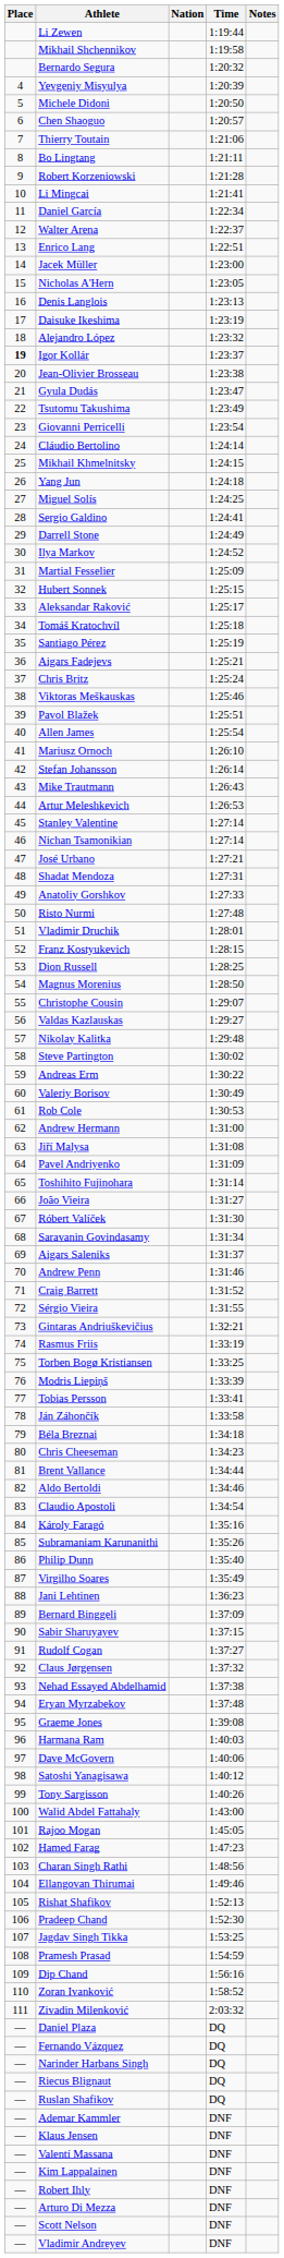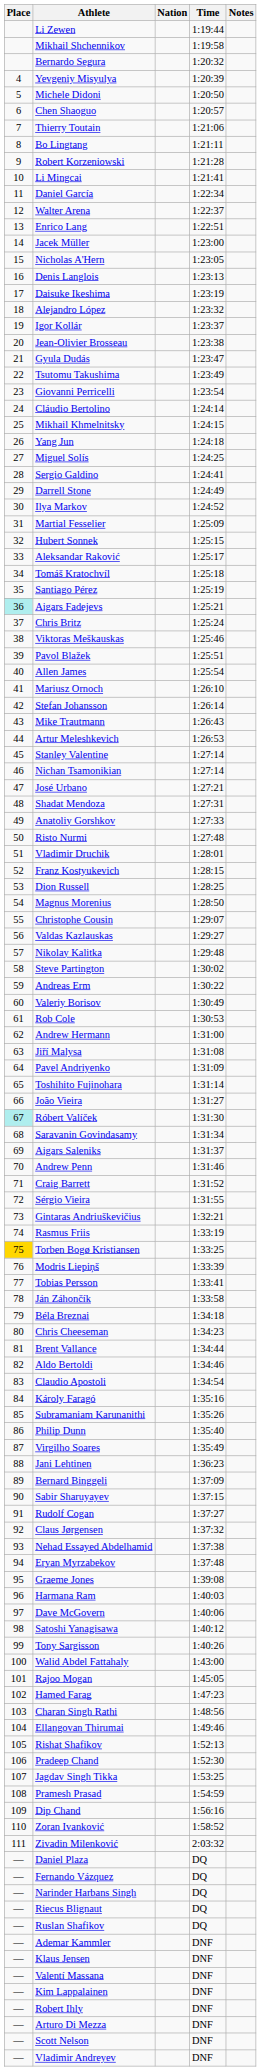 <table class=wikitable>
 <tr>
 <th>Place</th>
 <th>Athlete</th>
 <th>Nation</th>
 <th>Time</th>
 <th>Notes</th>
 </tr>
 <tr>
 <td align=center></td>
 <td><a href='#'>Li Zewen</a></td>
 <td></td>
 <td>1:19:44</td>
 <td> </td>
 </tr>
 <tr>
 <td align=center></td>
 <td><a href='#'>Mikhail Shchennikov</a></td>
 <td></td>
 <td>1:19:58</td>
 <td> </td>
 </tr>
 <tr>
 <td align=center></td>
 <td><a href='#'>Bernardo Segura</a></td>
 <td></td>
 <td>1:20:32</td>
 <td> </td>
 </tr>
 <tr>
 <td align=center>4</td>
 <td><a href='#'>Yevgeniy Misyulya</a></td>
 <td></td>
 <td>1:20:39</td>
 <td> </td>
 </tr>
 <tr>
 <td align=center>5</td>
 <td><a href='#'>Michele Didoni</a></td>
 <td></td>
 <td>1:20:50</td>
 <td> </td>
 </tr>
 <tr>
 <td align=center>6</td>
 <td><a href='#'>Chen Shaoguo</a></td>
 <td></td>
 <td>1:20:57</td>
 <td> </td>
 </tr>
 <tr>
 <td align=center>7</td>
 <td><a href='#'>Thierry Toutain</a></td>
 <td></td>
 <td>1:21:06</td>
 <td> </td>
 </tr>
 <tr>
 <td align=center>8</td>
 <td><a href='#'>Bo Lingtang</a></td>
 <td></td>
 <td>1:21:11</td>
 <td> </td>
 </tr>
 <tr>
 <td align=center>9</td>
 <td><a href='#'>Robert Korzeniowski</a></td>
 <td></td>
 <td>1:21:28</td>
 <td> </td>
 </tr>
 <tr>
 <td align=center>10</td>
 <td><a href='#'>Li Mingcai</a></td>
 <td></td>
 <td>1:21:41</td>
 <td> </td>
 </tr>
 <tr>
 <td align=center>11</td>
 <td><a href='#'>Daniel García</a></td>
 <td></td>
 <td>1:22:34</td>
 <td> </td>
 </tr>
 <tr>
 <td align=center>12</td>
 <td><a href='#'>Walter Arena</a></td>
 <td></td>
 <td>1:22:37</td>
 <td> </td>
 </tr>
 <tr>
 <td align=center>13</td>
 <td><a href='#'>Enrico Lang</a></td>
 <td></td>
 <td>1:22:51</td>
 <td> </td>
 </tr>
 <tr>
 <td align=center>14</td>
 <td><a href='#'>Jacek Müller</a></td>
 <td></td>
 <td>1:23:00</td>
 <td> </td>
 </tr>
 <tr>
 <td align=center>15</td>
 <td><a href='#'>Nicholas A'Hern</a></td>
 <td></td>
 <td>1:23:05</td>
 <td> </td>
 </tr>
 <tr>
 <td align=center>16</td>
 <td><a href='#'>Denis Langlois</a></td>
 <td></td>
 <td>1:23:13</td>
 <td> </td>
 </tr>
 <tr>
 <td align=center>17</td>
 <td><a href='#'>Daisuke Ikeshima</a></td>
 <td></td>
 <td>1:23:19</td>
 <td> </td>
 </tr>
 <tr>
 <td align=center>18</td>
 <td><a href='#'>Alejandro López</a></td>
 <td></td>
 <td>1:23:32</td>
 <td> </td>
 </tr>
 <tr>
-<td align=center><strong>19</strong></td>
+<td align=center>19</td>
 <td><a href='#'>Igor Kollár</a></td>
 <td></td>
 <td>1:23:37</td>
 <td> </td>
 </tr>
 <tr>
 <td align=center>20</td>
 <td><a href='#'>Jean-Olivier Brosseau</a></td>
 <td></td>
 <td>1:23:38</td>
 <td> </td>
 </tr>
 <tr>
 <td align=center>21</td>
 <td><a href='#'>Gyula Dudás</a></td>
 <td></td>
 <td>1:23:47</td>
 <td></td>
 </tr>
 <tr>
 <td align=center>22</td>
 <td><a href='#'>Tsutomu Takushima</a></td>
 <td></td>
 <td>1:23:49</td>
 <td></td>
 </tr>
 <tr>
 <td align=center>23</td>
 <td><a href='#'>Giovanni Perricelli</a></td>
 <td></td>
 <td>1:23:54</td>
 <td></td>
 </tr>
 <tr>
 <td align=center>24</td>
 <td><a href='#'>Cláudio Bertolino</a></td>
 <td></td>
 <td>1:24:14</td>
 <td></td>
 </tr>
 <tr>
 <td align=center>25</td>
 <td><a href='#'>Mikhail Khmelnitsky</a></td>
 <td></td>
 <td>1:24:15</td>
 <td></td>
 </tr>
 <tr>
 <td align=center>26</td>
 <td><a href='#'>Yang Jun</a></td>
 <td></td>
 <td>1:24:18</td>
 <td></td>
 </tr>
 <tr>
 <td align=center>27</td>
 <td><a href='#'>Miguel Solís</a></td>
 <td></td>
 <td>1:24:25</td>
 <td></td>
 </tr>
 <tr>
 <td align=center>28</td>
 <td><a href='#'>Sergio Galdino</a></td>
 <td></td>
 <td>1:24:41</td>
 <td></td>
 </tr>
 <tr>
 <td align=center>29</td>
 <td><a href='#'>Darrell Stone</a></td>
 <td></td>
 <td>1:24:49</td>
 <td></td>
 </tr>
 <tr>
 <td align=center>30</td>
 <td><a href='#'>Ilya Markov</a></td>
 <td></td>
 <td>1:24:52</td>
 <td></td>
 </tr>
 <tr>
 <td align=center>31</td>
 <td><a href='#'>Martial Fesselier</a></td>
 <td></td>
 <td>1:25:09</td>
 <td></td>
 </tr>
 <tr>
 <td align=center>32</td>
 <td><a href='#'>Hubert Sonnek</a></td>
 <td></td>
 <td>1:25:15</td>
 <td></td>
 </tr>
 <tr>
 <td align=center>33</td>
 <td><a href='#'>Aleksandar Raković</a></td>
 <td></td>
 <td>1:25:17</td>
 <td></td>
 </tr>
 <tr>
 <td align=center>34</td>
 <td><a href='#'>Tomáš Kratochvíl</a></td>
 <td></td>
 <td>1:25:18</td>
 <td></td>
 </tr>
 <tr>
 <td align=center>35</td>
 <td><a href='#'>Santiago Pérez</a></td>
 <td></td>
 <td>1:25:19</td>
 <td></td>
 </tr>
 <tr>
-<td align=center>36</td>
+<td align=center style="background: paleturquoise;">36</td>
 <td><a href='#'>Aigars Fadejevs</a></td>
 <td></td>
 <td>1:25:21</td>
 <td></td>
 </tr>
 <tr>
 <td align=center>37</td>
 <td><a href='#'>Chris Britz</a></td>
 <td></td>
 <td>1:25:24</td>
 <td></td>
 </tr>
 <tr>
 <td align=center>38</td>
 <td><a href='#'>Viktoras Meškauskas</a></td>
 <td></td>
 <td>1:25:46</td>
 <td></td>
 </tr>
 <tr>
 <td align=center>39</td>
 <td><a href='#'>Pavol Blažek</a></td>
 <td></td>
 <td>1:25:51</td>
 <td></td>
 </tr>
 <tr>
 <td align=center>40</td>
 <td><a href='#'>Allen James</a></td>
 <td></td>
 <td>1:25:54</td>
 <td></td>
 </tr>
 <tr>
 <td align=center>41</td>
 <td><a href='#'>Mariusz Ornoch</a></td>
 <td></td>
 <td>1:26:10</td>
 <td></td>
 </tr>
 <tr>
 <td align=center>42</td>
 <td><a href='#'>Stefan Johansson</a></td>
 <td></td>
 <td>1:26:14</td>
 <td></td>
 </tr>
 <tr>
 <td align=center>43</td>
 <td><a href='#'>Mike Trautmann</a></td>
 <td></td>
 <td>1:26:43</td>
 <td></td>
 </tr>
 <tr>
 <td align=center>44</td>
 <td><a href='#'>Artur Meleshkevich</a></td>
 <td></td>
 <td>1:26:53</td>
 <td></td>
 </tr>
 <tr>
 <td align=center>45</td>
 <td><a href='#'>Stanley Valentine</a></td>
 <td></td>
 <td>1:27:14</td>
 <td></td>
 </tr>
 <tr>
 <td align=center>46</td>
 <td><a href='#'>Nichan Tsamonikian</a></td>
 <td></td>
 <td>1:27:14</td>
 <td></td>
 </tr>
 <tr>
 <td align=center>47</td>
 <td><a href='#'>José Urbano</a></td>
 <td></td>
 <td>1:27:21</td>
 <td></td>
 </tr>
 <tr>
 <td align=center>48</td>
 <td><a href='#'>Shadat Mendoza</a></td>
 <td></td>
 <td>1:27:31</td>
 <td></td>
 </tr>
 <tr>
 <td align=center>49</td>
 <td><a href='#'>Anatoliy Gorshkov</a></td>
 <td></td>
 <td>1:27:33</td>
 <td></td>
 </tr>
 <tr>
 <td align=center>50</td>
 <td><a href='#'>Risto Nurmi</a></td>
 <td></td>
 <td>1:27:48</td>
 <td></td>
 </tr>
 <tr>
 <td align=center>51</td>
 <td><a href='#'>Vladimir Druchik</a></td>
 <td></td>
 <td>1:28:01</td>
 <td></td>
 </tr>
 <tr>
 <td align=center>52</td>
 <td><a href='#'>Franz Kostyukevich</a></td>
 <td></td>
 <td>1:28:15</td>
 <td></td>
 </tr>
 <tr>
 <td align=center>53</td>
 <td><a href='#'>Dion Russell</a></td>
 <td></td>
 <td>1:28:25</td>
 <td></td>
 </tr>
 <tr>
 <td align=center>54</td>
 <td><a href='#'>Magnus Morenius</a></td>
 <td></td>
 <td>1:28:50</td>
 <td></td>
 </tr>
 <tr>
 <td align=center>55</td>
 <td><a href='#'>Christophe Cousin</a></td>
 <td></td>
 <td>1:29:07</td>
 <td></td>
 </tr>
 <tr>
 <td align=center>56</td>
 <td><a href='#'>Valdas Kazlauskas</a></td>
 <td></td>
 <td>1:29:27</td>
 <td></td>
 </tr>
 <tr>
 <td align=center>57</td>
 <td><a href='#'>Nikolay Kalitka</a></td>
 <td></td>
 <td>1:29:48</td>
 <td></td>
 </tr>
 <tr>
 <td align=center>58</td>
 <td><a href='#'>Steve Partington</a></td>
 <td></td>
 <td>1:30:02</td>
 <td></td>
 </tr>
 <tr>
 <td align=center>59</td>
 <td><a href='#'>Andreas Erm</a></td>
 <td></td>
 <td>1:30:22</td>
 <td></td>
 </tr>
 <tr>
 <td align=center>60</td>
 <td><a href='#'>Valeriy Borisov</a></td>
 <td></td>
 <td>1:30:49</td>
 <td></td>
 </tr>
 <tr>
 <td align=center>61</td>
 <td><a href='#'>Rob Cole</a></td>
 <td></td>
 <td>1:30:53</td>
 <td></td>
 </tr>
 <tr>
 <td align=center>62</td>
 <td><a href='#'>Andrew Hermann</a></td>
 <td></td>
 <td>1:31:00</td>
 <td></td>
 </tr>
 <tr>
 <td align=center>63</td>
 <td><a href='#'>Jiří Malysa</a></td>
 <td></td>
 <td>1:31:08</td>
 <td></td>
 </tr>
 <tr>
 <td align=center>64</td>
 <td><a href='#'>Pavel Andriyenko</a></td>
 <td></td>
 <td>1:31:09</td>
 <td></td>
 </tr>
 <tr>
 <td align=center>65</td>
 <td><a href='#'>Toshihito Fujinohara</a></td>
 <td></td>
 <td>1:31:14</td>
 <td></td>
 </tr>
 <tr>
 <td align=center>66</td>
 <td><a href='#'>João Vieira</a></td>
 <td></td>
 <td>1:31:27</td>
 <td></td>
 </tr>
 <tr>
-<td align=center>67</td>
+<td align=center style="background: paleturquoise;">67</td>
 <td><a href='#'>Róbert Valíček</a></td>
 <td></td>
 <td>1:31:30</td>
 <td></td>
 </tr>
 <tr>
 <td align=center>68</td>
 <td><a href='#'>Saravanin Govindasamy</a></td>
 <td></td>
 <td>1:31:34</td>
 <td></td>
 </tr>
 <tr>
 <td align=center>69</td>
 <td><a href='#'>Aigars Saleniks</a></td>
 <td></td>
 <td>1:31:37</td>
 <td></td>
 </tr>
 <tr>
 <td align=center>70</td>
 <td><a href='#'>Andrew Penn</a></td>
 <td></td>
 <td>1:31:46</td>
 <td></td>
 </tr>
 <tr>
 <td align=center>71</td>
 <td><a href='#'>Craig Barrett</a></td>
 <td></td>
 <td>1:31:52</td>
 <td></td>
 </tr>
 <tr>
 <td align=center>72</td>
 <td><a href='#'>Sérgio Vieira</a></td>
 <td></td>
 <td>1:31:55</td>
 <td></td>
 </tr>
 <tr>
 <td align=center>73</td>
 <td><a href='#'>Gintaras Andriuškevičius</a></td>
 <td></td>
 <td>1:32:21</td>
 <td></td>
 </tr>
 <tr>
 <td align=center>74</td>
 <td><a href='#'>Rasmus Friis</a></td>
 <td></td>
 <td>1:33:19</td>
 <td></td>
 </tr>
 <tr>
-<td align=center>75</td>
+<td align=center style="background: gold;">75</td>
 <td><a href='#'>Torben Bogø Kristiansen</a></td>
 <td></td>
 <td>1:33:25</td>
 <td></td>
 </tr>
 <tr>
 <td align=center>76</td>
 <td><a href='#'>Modris Liepiņš</a></td>
 <td></td>
 <td>1:33:39</td>
 <td></td>
 </tr>
 <tr>
 <td align=center>77</td>
 <td><a href='#'>Tobias Persson</a></td>
 <td></td>
 <td>1:33:41</td>
 <td></td>
 </tr>
 <tr>
 <td align=center>78</td>
 <td><a href='#'>Ján Záhončík</a></td>
 <td></td>
 <td>1:33:58</td>
 <td></td>
 </tr>
 <tr>
 <td align=center>79</td>
 <td><a href='#'>Béla Breznai</a></td>
 <td></td>
 <td>1:34:18</td>
 <td></td>
 </tr>
 <tr>
 <td align=center>80</td>
 <td><a href='#'>Chris Cheeseman</a></td>
 <td></td>
 <td>1:34:23</td>
 <td></td>
 </tr>
 <tr>
 <td align=center>81</td>
 <td><a href='#'>Brent Vallance</a></td>
 <td></td>
 <td>1:34:44</td>
 <td></td>
 </tr>
 <tr>
 <td align=center>82</td>
 <td><a href='#'>Aldo Bertoldi</a></td>
 <td></td>
 <td>1:34:46</td>
 <td></td>
 </tr>
 <tr>
 <td align=center>83</td>
 <td><a href='#'>Claudio Apostoli</a></td>
 <td></td>
 <td>1:34:54</td>
 <td></td>
 </tr>
 <tr>
 <td align=center>84</td>
 <td><a href='#'>Károly Faragó</a></td>
 <td></td>
 <td>1:35:16</td>
 <td></td>
 </tr>
 <tr>
 <td align=center>85</td>
 <td><a href='#'>Subramaniam Karunanithi</a></td>
 <td></td>
 <td>1:35:26</td>
 <td></td>
 </tr>
 <tr>
 <td align=center>86</td>
 <td><a href='#'>Philip Dunn</a></td>
 <td></td>
 <td>1:35:40</td>
 <td></td>
 </tr>
 <tr>
 <td align=center>87</td>
 <td><a href='#'>Virgilho Soares</a></td>
 <td></td>
 <td>1:35:49</td>
 <td></td>
 </tr>
 <tr>
 <td align=center>88</td>
 <td><a href='#'>Jani Lehtinen</a></td>
 <td></td>
 <td>1:36:23</td>
 <td></td>
 </tr>
 <tr>
 <td align=center>89</td>
 <td><a href='#'>Bernard Binggeli</a></td>
 <td></td>
 <td>1:37:09</td>
 <td></td>
 </tr>
 <tr>
 <td align=center>90</td>
 <td><a href='#'>Sabir Sharuyayev</a></td>
 <td></td>
 <td>1:37:15</td>
 <td></td>
 </tr>
 <tr>
 <td align=center>91</td>
 <td><a href='#'>Rudolf Cogan</a></td>
 <td></td>
 <td>1:37:27</td>
 <td></td>
 </tr>
 <tr>
 <td align=center>92</td>
 <td><a href='#'>Claus Jørgensen</a></td>
 <td></td>
 <td>1:37:32</td>
 <td></td>
 </tr>
 <tr>
 <td align=center>93</td>
 <td><a href='#'>Nehad Essayed Abdelhamid</a></td>
 <td></td>
 <td>1:37:38</td>
 <td></td>
 </tr>
 <tr>
 <td align=center>94</td>
 <td><a href='#'>Eryan Myrzabekov</a></td>
 <td></td>
 <td>1:37:48</td>
 <td></td>
 </tr>
 <tr>
 <td align=center>95</td>
 <td><a href='#'>Graeme Jones</a></td>
 <td></td>
 <td>1:39:08</td>
 <td></td>
 </tr>
 <tr>
 <td align=center>96</td>
 <td><a href='#'>Harmana Ram</a></td>
 <td></td>
 <td>1:40:03</td>
 <td></td>
 </tr>
 <tr>
 <td align=center>97</td>
 <td><a href='#'>Dave McGovern</a></td>
 <td></td>
 <td>1:40:06</td>
 <td></td>
 </tr>
 <tr>
 <td align=center>98</td>
 <td><a href='#'>Satoshi Yanagisawa</a></td>
 <td></td>
 <td>1:40:12</td>
 <td></td>
 </tr>
 <tr>
 <td align=center>99</td>
 <td><a href='#'>Tony Sargisson</a></td>
 <td></td>
 <td>1:40:26</td>
 <td></td>
 </tr>
 <tr>
 <td align=center>100</td>
 <td><a href='#'>Walid Abdel Fattahaly</a></td>
 <td></td>
 <td>1:43:00</td>
 <td></td>
 </tr>
 <tr>
 <td align=center>101</td>
 <td><a href='#'>Rajoo Mogan</a></td>
 <td></td>
 <td>1:45:05</td>
 <td></td>
 </tr>
 <tr>
 <td align=center>102</td>
 <td><a href='#'>Hamed Farag</a></td>
 <td></td>
 <td>1:47:23</td>
 <td></td>
 </tr>
 <tr>
 <td align=center>103</td>
 <td><a href='#'>Charan Singh Rathi</a></td>
 <td></td>
 <td>1:48:56</td>
 <td></td>
 </tr>
 <tr>
 <td align=center>104</td>
 <td><a href='#'>Ellangovan Thirumai</a></td>
 <td></td>
 <td>1:49:46</td>
 <td></td>
 </tr>
 <tr>
 <td align=center>105</td>
 <td><a href='#'>Rishat Shafikov</a></td>
 <td></td>
 <td>1:52:13</td>
 <td></td>
 </tr>
 <tr>
 <td align=center>106</td>
 <td><a href='#'>Pradeep Chand</a></td>
 <td></td>
 <td>1:52:30</td>
 <td></td>
 </tr>
 <tr>
 <td align=center>107</td>
 <td><a href='#'>Jagdav Singh Tikka</a></td>
 <td></td>
 <td>1:53:25</td>
 <td></td>
 </tr>
 <tr>
 <td align=center>108</td>
 <td><a href='#'>Pramesh Prasad</a></td>
 <td></td>
 <td>1:54:59</td>
 <td></td>
 </tr>
 <tr>
 <td align=center>109</td>
 <td><a href='#'>Dip Chand</a></td>
 <td></td>
 <td>1:56:16</td>
 <td></td>
 </tr>
 <tr>
 <td align=center>110</td>
 <td><a href='#'>Zoran Ivanković</a></td>
 <td></td>
 <td>1:58:52</td>
 <td></td>
 </tr>
 <tr>
 <td align=center>111</td>
 <td><a href='#'>Zivadin Milenković</a></td>
 <td></td>
 <td>2:03:32</td>
 <td></td>
 </tr>
 <tr>
 <td align=center>—</td>
 <td><a href='#'>Daniel Plaza</a></td>
 <td></td>
 <td>DQ</td>
 <td></td>
 </tr>
 <tr>
 <td align=center>—</td>
 <td><a href='#'>Fernando Vázquez</a></td>
 <td></td>
 <td>DQ</td>
 <td></td>
 </tr>
 <tr>
 <td align=center>—</td>
 <td><a href='#'>Narinder Harbans Singh</a></td>
 <td></td>
 <td>DQ</td>
 <td></td>
 </tr>
 <tr>
 <td align=center>—</td>
 <td><a href='#'>Riecus Blignaut</a></td>
 <td></td>
 <td>DQ</td>
 <td></td>
 </tr>
 <tr>
 <td align=center>—</td>
 <td><a href='#'>Ruslan Shafikov</a></td>
 <td></td>
 <td>DQ</td>
 <td></td>
 </tr>
 <tr>
 <td align=center>—</td>
 <td><a href='#'>Ademar Kammler</a></td>
 <td></td>
 <td>DNF</td>
 <td></td>
 </tr>
 <tr>
 <td align=center>—</td>
 <td><a href='#'>Klaus Jensen</a></td>
 <td></td>
 <td>DNF</td>
 <td></td>
 </tr>
 <tr>
 <td align=center>—</td>
 <td><a href='#'>Valentí Massana</a></td>
 <td></td>
 <td>DNF</td>
 <td></td>
 </tr>
 <tr>
 <td align=center>—</td>
 <td><a href='#'>Kim Lappalainen</a></td>
 <td></td>
 <td>DNF</td>
 <td></td>
 </tr>
 <tr>
 <td align=center>—</td>
 <td><a href='#'>Robert Ihly</a></td>
 <td></td>
 <td>DNF</td>
 <td></td>
 </tr>
 <tr>
 <td align=center>—</td>
 <td><a href='#'>Arturo Di Mezza</a></td>
 <td></td>
 <td>DNF</td>
 <td></td>
 </tr>
 <tr>
 <td align=center>—</td>
 <td><a href='#'>Scott Nelson</a></td>
 <td></td>
 <td>DNF</td>
 <td></td>
 </tr>
 <tr>
 <td align=center>—</td>
 <td><a href='#'>Vladimir Andreyev</a></td>
 <td></td>
 <td>DNF</td>
 <td></td>
 </tr>
 </table>
